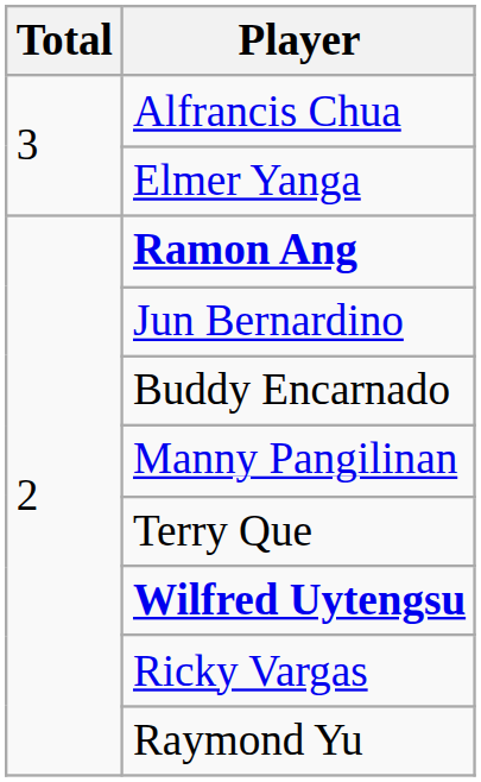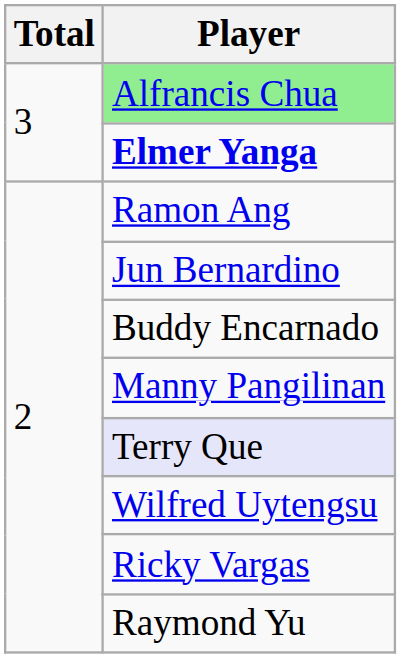 <table class="wikitable">
 <tr>
 <th>Total</th>
 <th>Player</th>
 </tr>
 <tr>
 <td rowspan=2>3</td>
-<td><a href='#'>Alfrancis Chua</a></td>
+<td style="background: lightgreen;"><a href='#'>Alfrancis Chua</a></td>
 </tr>
 <tr>
-<td><a href='#'>Elmer Yanga</a></td>
+<td><strong><a href='#'>Elmer Yanga</a></strong></td>
 </tr>
 <tr>
 <td rowspan=8>2</td>
-<td><strong><a href='#'>Ramon Ang</a></strong></td>
+<td><a href='#'>Ramon Ang</a></td>
 </tr>
 <tr>
 <td><a href='#'>Jun Bernardino</a></td>
 </tr>
 <tr>
 <td>Buddy Encarnado</td>
 </tr>
 <tr>
 <td><a href='#'>Manny Pangilinan</a></td>
 </tr>
 <tr>
-<td>Terry Que</td>
+<td style="background: lavender;">Terry Que</td>
 </tr>
 <tr>
-<td><strong><a href='#'>Wilfred Uytengsu</a></strong></td>
+<td><a href='#'>Wilfred Uytengsu</a></td>
 </tr>
 <tr>
 <td><a href='#'>Ricky Vargas</a></td>
 </tr>
 <tr>
 <td>Raymond Yu</td>
 </tr>
 </table>
